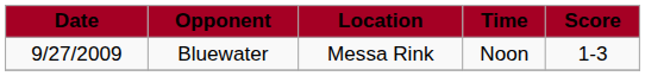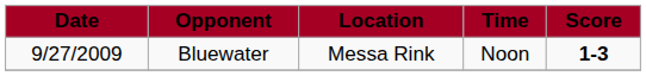 <table class="wikitable" width="80%">
 <tr align="center"  style="background:#A50024;color:black;">
 <td><strong>Date</strong></td>
 <td><strong>Opponent</strong></td>
 <td><strong>Location</strong></td>
 <td><strong>Time</strong></td>
 <td><strong>Score</strong></td>
 </tr>
 <tr align="center" bgcolor="">
 <td>9/27/2009</td>
 <td>Bluewater</td>
 <td>Messa Rink</td>
 <td>Noon</td>
-<td>1-3</td>
+<td><strong>1-3</strong></td>
 </tr>
 <tr align="center" bgcolor="">
 </tr>
 </table>
